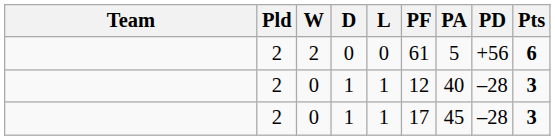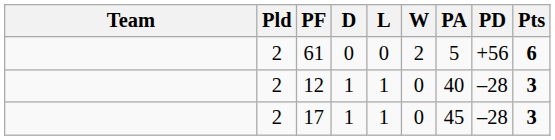 <table class="wikitable" style="text-align:center;">
 <tr>
 <th width=190>Team</th>
 <th width=20 abbr="Played">Pld</th>
-<th width=20 abbr="Won">W</th>
+<th width=20 abbr="Points for">PF</th>
 <th width=20 abbr="Drawn">D</th>
 <th width=20 abbr="Lost">L</th>
-<th width=20 abbr="Points for">PF</th>
+<th width=20 abbr="Won">W</th>
 <th width=20 abbr="Points against">PA</th>
 <th width=25 abbr="Points difference">PD</th>
 <th width=20 abbr="Points">Pts</th>
 </tr>
 <tr>
 <td align=left></td>
 <td>2</td>
-<td>2</td>
+<td>61</td>
 <td>0</td>
 <td>0</td>
-<td>61</td>
+<td>2</td>
 <td>5</td>
 <td>+56</td>
 <td><strong>6</strong></td>
 </tr>
 <tr>
 <td align=left></td>
 <td>2</td>
-<td>0</td>
+<td>12</td>
 <td>1</td>
 <td>1</td>
-<td>12</td>
+<td>0</td>
 <td>40</td>
 <td>–28</td>
 <td><strong>3</strong></td>
 </tr>
 <tr>
 <td align=left></td>
 <td>2</td>
-<td>0</td>
+<td>17</td>
 <td>1</td>
 <td>1</td>
-<td>17</td>
+<td>0</td>
 <td>45</td>
 <td>–28</td>
 <td><strong>3</strong></td>
 </tr>
 </table>
